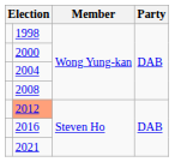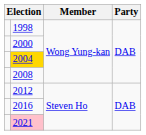 <table class="wikitable">
 <tr>
 <th colspan="2">Election</th>
 <th>Member</th>
 <th>Party</th>
 </tr>
 <tr>
 <td style="background-color: "></td>
 <td><a href='#'>1998</a></td>
 <td rowspan=4><a href='#'>Wong Yung-kan</a></td>
 <td rowspan=4><a href='#'>DAB</a></td>
 </tr>
 <tr>
 <td style="background-color: "></td>
 <td><a href='#'>2000</a></td>
 </tr>
 <tr>
 <td style="background-color: "></td>
-<td><a href='#'>2004</a></td>
+<td style="background: gold;"><a href='#'>2004</a></td>
 </tr>
 <tr>
 <td style="background-color: "></td>
 <td><a href='#'>2008</a></td>
 </tr>
 <tr>
 <td style="background-color: "></td>
-<td style="background: lightsalmon;"><a href='#'>2012</a></td>
+<td><a href='#'>2012</a></td>
 <td rowspan=3><a href='#'>Steven Ho</a></td>
 <td rowspan=3><a href='#'>DAB</a></td>
 </tr>
 <tr>
 <td style="background-color: "></td>
 <td><a href='#'>2016</a></td>
 </tr>
 <tr>
 <td style="background-color: "></td>
-<td><a href='#'>2021</a></td>
+<td style="background: pink;"><a href='#'>2021</a></td>
 </tr>
 </table>
